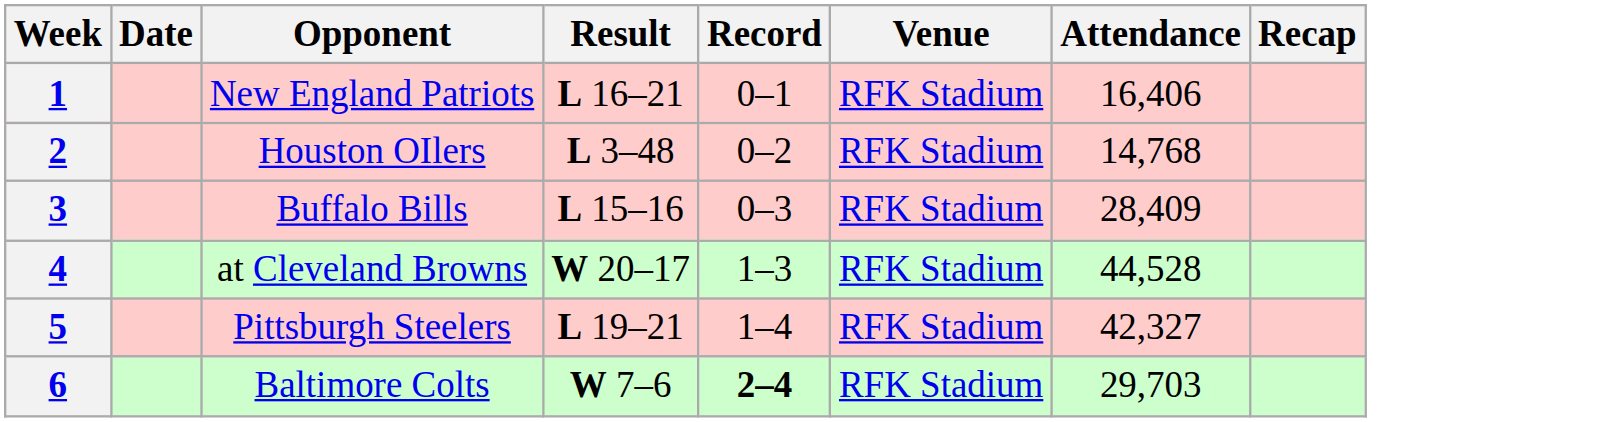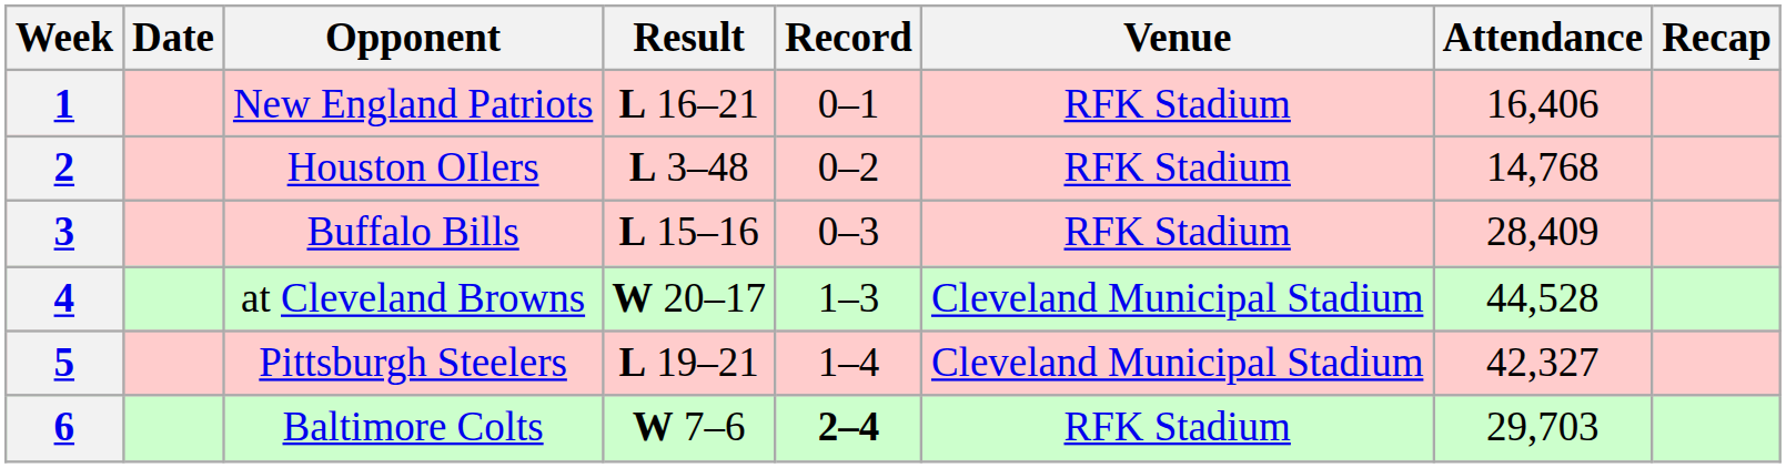 <table class="wikitable" style="text-align:center">
 <tr>
 <th>Week</th>
 <th>Date</th>
 <th>Opponent</th>
 <th>Result</th>
 <th>Record</th>
 <th>Venue</th>
 <th>Attendance</th>
 <th>Recap</th>
 </tr>
 <tr style="background:#fcc">
 <th><a href='#'>1</a></th>
 <td></td>
 <td><a href='#'>New England Patriots</a></td>
 <td><strong>L</strong> 16–21</td>
 <td>0–1</td>
 <td><a href='#'>RFK Stadium</a></td>
 <td>16,406</td>
 <td></td>
 </tr>
 <tr style="background:#fcc">
 <th><a href='#'>2</a></th>
 <td></td>
 <td><a href='#'>Houston OIlers</a></td>
 <td><strong>L</strong> 3–48</td>
 <td>0–2</td>
 <td><a href='#'>RFK Stadium</a></td>
 <td>14,768</td>
 <td></td>
 </tr>
 <tr style="background:#fcc">
 <th><a href='#'>3</a></th>
 <td></td>
 <td><a href='#'>Buffalo Bills</a></td>
 <td><strong>L</strong> 15–16</td>
 <td>0–3</td>
 <td><a href='#'>RFK Stadium</a></td>
 <td>28,409</td>
 <td></td>
 </tr>
 <tr style="background:#cfc">
 <th><a href='#'>4</a></th>
 <td></td>
 <td>at <a href='#'>Cleveland Browns</a></td>
 <td><strong>W</strong> 20–17</td>
 <td>1–3</td>
-<td><a href='#'>RFK Stadium</a></td>
+<td><a href='#'>Cleveland Municipal Stadium</a></td>
 <td>44,528</td>
 <td></td>
 </tr>
 <tr style="background:#fcc">
 <th><a href='#'>5</a></th>
 <td></td>
 <td><a href='#'>Pittsburgh Steelers</a></td>
 <td><strong>L</strong> 19–21</td>
 <td>1–4</td>
-<td><a href='#'>RFK Stadium</a></td>
+<td><a href='#'>Cleveland Municipal Stadium</a></td>
 <td>42,327</td>
 <td></td>
 </tr>
 <tr style="background:#cfc">
 <th><a href='#'>6</a></th>
 <td></td>
 <td><a href='#'>Baltimore Colts</a></td>
 <td><strong>W</strong> 7–6</td>
 <td><strong>2–4</strong></td>
 <td><a href='#'>RFK Stadium</a></td>
 <td>29,703</td>
 <td></td>
 </tr>
 </table>
